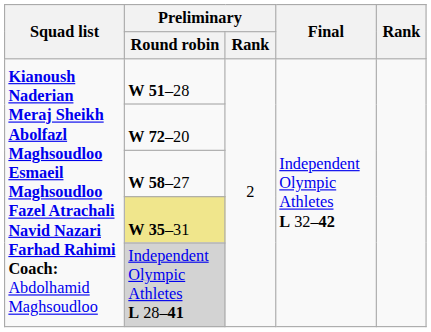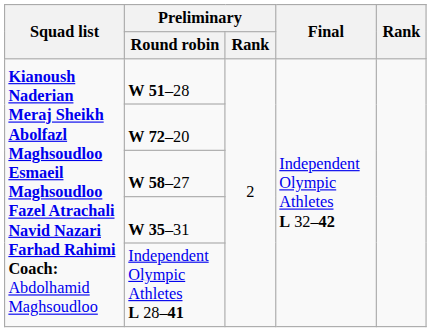 <table class="wikitable" width="60%" style="text-align:left; font-size:90%">
 <tr>
 <th rowspan="2" width="20%">Squad list</th>
 <th colspan="2">Preliminary</th>
 <th rowspan="2" width="14%">Final</th>
 <th rowspan="2" width="5%">Rank</th>
 </tr>
 <tr>
 <th width="14%">Round robin</th>
 <th width="5%">Rank</th>
 </tr>
 <tr>
 <td rowspan="5"><strong><a href='#'>Kianoush Naderian</a><br><a href='#'>Meraj Sheikh</a><br><a href='#'>Abolfazl Maghsoudloo</a><br><a href='#'>Esmaeil Maghsoudloo</a><br><a href='#'>Fazel Atrachali</a><br><a href='#'>Navid Nazari</a><br><a href='#'>Farhad Rahimi</a><br>Coach:</strong> <a href='#'>Abdolhamid Maghsoudloo</a></td>
 <td><br><strong>W</strong> <strong>51</strong>–28</td>
 <td rowspan="5" align=center>2 <strong></strong></td>
 <td rowspan="5"> <a href='#'>Independent Olympic Athletes</a><br><strong>L</strong> 32–<strong>42</strong></td>
 <td rowspan="5" align="center"></td>
 </tr>
 <tr>
 <td><br><strong>W</strong> <strong>72</strong>–20</td>
 </tr>
 <tr>
 <td><br><strong>W</strong> <strong>58</strong>–27</td>
 </tr>
 <tr>
-<td style="background: khaki;"><br><strong>W</strong> <strong>35</strong>–31</td>
+<td><br><strong>W</strong> <strong>35</strong>–31</td>
 </tr>
 <tr>
-<td style="background: lightgrey;"> <a href='#'>Independent Olympic Athletes</a><br><strong>L</strong> 28–<strong>41</strong></td>
+<td> <a href='#'>Independent Olympic Athletes</a><br><strong>L</strong> 28–<strong>41</strong></td>
 </tr>
 </table>
